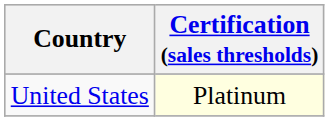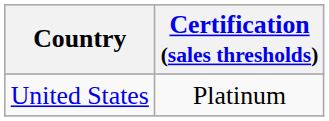 <table class="wikitable">
 <tr>
 <th>Country</th>
 <th><a href='#'>Certification</a><br><small>(<a href='#'>sales thresholds</a>)</small></th>
 </tr>
 <tr>
 <td><a href='#'>United States</a></td>
-<td style="background: lightyellow; text-align:center;">Platinum</td>
+<td style="text-align:center;">Platinum</td>
 </tr>
 </table>
